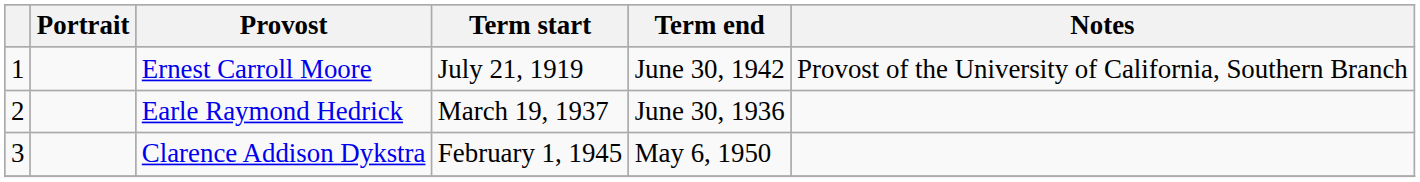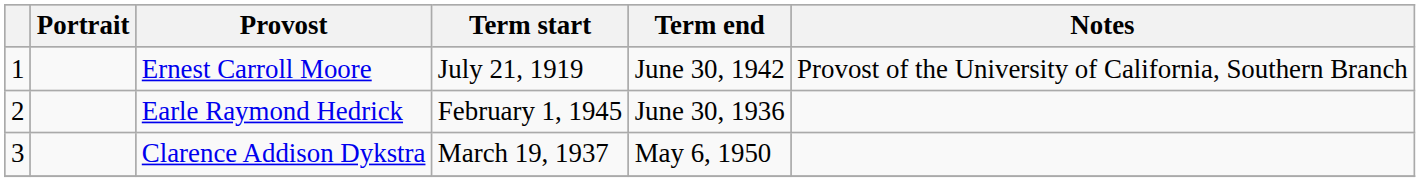 <table class=wikitable style="text-align:left">
 <tr>
 <th></th>
 <th>Portrait</th>
 <th>Provost</th>
 <th>Term start</th>
 <th>Term end</th>
 <th>Notes</th>
 </tr>
 <tr>
 <td>1</td>
 <td></td>
 <td><a href='#'>Ernest Carroll Moore</a></td>
 <td>July 21, 1919</td>
 <td nowrap>June 30, 1942</td>
 <td>Provost of the University of California, Southern Branch</td>
 </tr>
 <tr>
 <td>2</td>
 <td></td>
 <td><a href='#'>Earle Raymond Hedrick</a></td>
-<td>March 19, 1937</td>
+<td nowrap>February 1, 1945</td>
 <td>June 30, 1936</td>
 <td></td>
 </tr>
 <tr>
 <td>3</td>
 <td></td>
 <td nowrap><a href='#'>Clarence Addison Dykstra</a></td>
-<td nowrap>February 1, 1945</td>
+<td>March 19, 1937</td>
 <td>May 6, 1950</td>
 <td></td>
 </tr>
 <tr>
 </tr>
 </table>
